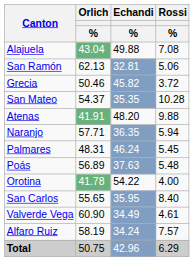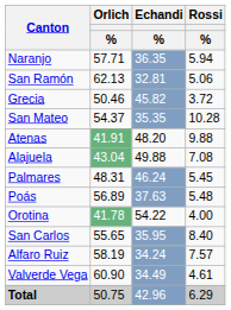 <table class="wikitable mw-collapsible mw-collapsed">
 <tr>
 <th rowspan="3"><a href='#'>Canton</a></th>
 <th colspan="1" width="40px">Orlich</th>
 <th colspan="1" width="40px">Echandi</th>
 <th colspan="1" width="40px">Rossi</th>
 </tr>
 <tr>
 <th style="background:"></th>
 <th style="background:"></th>
 <th style="background:"></th>
 </tr>
 <tr>
 <th data-sort-type="number">%</th>
 <th data-sort-type="number">%</th>
 <th data-sort-type="number">%</th>
 </tr>
 <tr>
-<td align="left"><a href='#'>Alajuela</a></td>
-<td style="background:#66B27B; color:white;">43.04</td>
-<td style="background:">49.88</td>
-<td>7.08</td>
+<td align="left"><a href='#'>Naranjo</a></td>
+<td style="background:">57.71</td>
+<td style="background:#809ec1; color:white;">36.35</td>
+<td>5.94</td>
 </tr>
 <tr>
 <td align="left"><a href='#'>San Ramón</a></td>
 <td style="background:">62.13</td>
 <td style="background:#809ec1; color:white;">32.81</td>
 <td>5.06</td>
 </tr>
 <tr>
 <td align="left"><a href='#'>Grecia</a></td>
 <td style="background:">50.46</td>
 <td style="background:#809ec1; color:white;">45.82</td>
 <td>3.72</td>
 </tr>
 <tr>
 <td align="left"><a href='#'>San Mateo</a></td>
 <td style="background:">54.37</td>
 <td style="background:#809ec1; color:white;">35.35</td>
 <td>10.28</td>
 </tr>
 <tr>
 <td align="left"><a href='#'>Atenas</a></td>
 <td style="background:#66B27B; color:white;">41.91</td>
 <td style="background:">48.20</td>
 <td>9.88</td>
 </tr>
 <tr>
-<td align="left"><a href='#'>Naranjo</a></td>
-<td style="background:">57.71</td>
-<td style="background:#809ec1; color:white;">36.35</td>
-<td>5.94</td>
+<td align="left"><a href='#'>Alajuela</a></td>
+<td style="background:#66B27B; color:white;">43.04</td>
+<td style="background:">49.88</td>
+<td>7.08</td>
 </tr>
 <tr>
 <td align="left"><a href='#'>Palmares</a></td>
 <td style="background:">48.31</td>
 <td style="background:#809ec1; color:white;">46.24</td>
 <td>5.45</td>
 </tr>
 <tr>
 <td align="left"><a href='#'>Poás</a></td>
 <td style="background:">56.89</td>
 <td style="background:#809ec1; color:white;">37.63</td>
 <td>5.48</td>
 </tr>
 <tr>
 <td align="left"><a href='#'>Orotina</a></td>
 <td style="background:#66B27B; color:white;">41.78</td>
 <td style="background:">54.22</td>
 <td>4.00</td>
 </tr>
 <tr>
 <td align="left"><a href='#'>San Carlos</a></td>
 <td style="background:">55.65</td>
 <td style="background:#809ec1; color:white;">35.95</td>
 <td>8.40</td>
 </tr>
 <tr>
+<td align="left"><a href='#'>Alfaro Ruiz</a></td>
+<td style="background:">58.19</td>
+<td style="background:#809ec1; color:white;">34.24</td>
+<td>7.57</td>
+</tr>
+<tr>
 <td align="left"><a href='#'>Valverde Vega</a></td>
 <td style="background:">60.90</td>
 <td style="background:#809ec1; color:white;">34.49</td>
 <td>4.61</td>
-</tr>
-<tr>
-<td align="left"><a href='#'>Alfaro Ruiz</a></td>
-<td style="background:">58.19</td>
-<td style="background:#809ec1; color:white;">34.24</td>
-<td>7.57</td>
 </tr>
 <tr style="background:#CDCDCD;">
 <td align="left"><strong>Total</strong></td>
 <td style="background:">50.75</td>
 <td style="background:#809ec1; color:white;">42.96</td>
 <td>6.29</td>
 </tr>
 </table>
